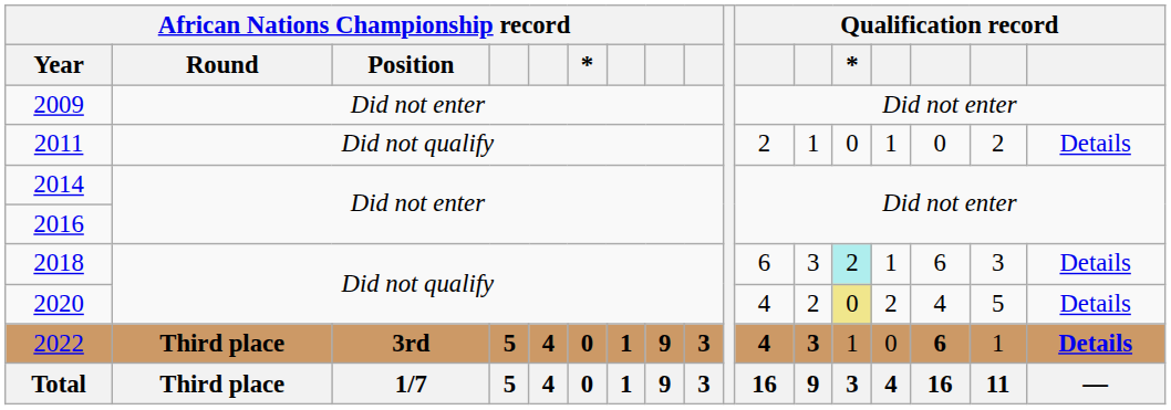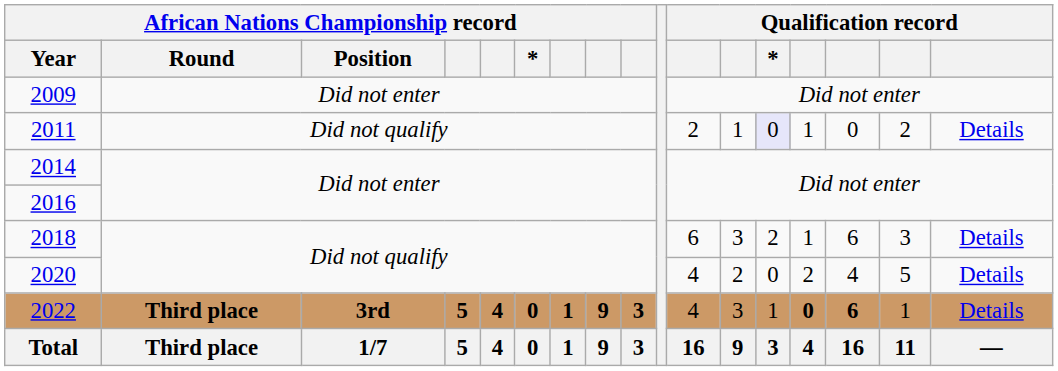 <table class="wikitable" style="text-align: center;">
 <tr>
 <th colspan=9><a href='#'>African Nations Championship</a> record</th>
 <th width=1% rowspan=10></th>
 <th colspan=7>Qualification record</th>
 </tr>
 <tr>
 <th>Year</th>
 <th>Round</th>
 <th>Position</th>
 <th></th>
 <th></th>
 <th>*</th>
 <th></th>
 <th></th>
 <th></th>
 <th></th>
 <th></th>
 <th>*</th>
 <th></th>
 <th></th>
 <th></th>
 <th></th>
 </tr>
 <tr>
 <td> <a href='#'>2009</a></td>
 <td colspan=8><em>Did not enter</em></td>
 <td colspan=8><em>Did not enter</em></td>
 </tr>
 <tr>
 <td> <a href='#'>2011</a></td>
 <td colspan="8"><em>Did not qualify</em></td>
 <td>2</td>
 <td>1</td>
-<td>0</td>
+<td style="background: lavender;">0</td>
 <td>1</td>
 <td>0</td>
 <td>2</td>
 <td><a href='#'>Details</a></td>
 </tr>
 <tr>
 <td> <a href='#'>2014</a></td>
 <td colspan="8" rowspan="2"><em>Did not enter</em></td>
 <td colspan="8" rowspan="2"><em>Did not enter</em></td>
 </tr>
 <tr>
 <td> <a href='#'>2016</a></td>
 </tr>
 <tr>
 <td> <a href='#'>2018</a></td>
 <td colspan="8" rowspan="2"><em>Did not qualify</em></td>
 <td>6</td>
 <td>3</td>
-<td style="background: paleturquoise;">2</td>
+<td>2</td>
 <td>1</td>
 <td>6</td>
 <td>3</td>
 <td><a href='#'>Details</a></td>
 </tr>
 <tr>
 <td> <a href='#'>2020</a></td>
 <td>4</td>
 <td>2</td>
-<td style="background: khaki;">0</td>
+<td>0</td>
 <td>2</td>
 <td>4</td>
 <td>5</td>
 <td><a href='#'>Details</a></td>
 </tr>
 <tr style="background:#cc9966;">
 <td> <a href='#'>2022</a></td>
 <td><strong>Third place</strong></td>
 <td><strong>3rd</strong></td>
 <td><strong>5</strong></td>
 <td><strong>4</strong></td>
 <td><strong>0</strong></td>
 <td><strong>1</strong></td>
 <td><strong>9</strong></td>
 <td><strong>3</strong></td>
-<td><strong>4</strong></td>
-<td><strong>3</strong></td>
+<td>4</td>
+<td>3</td>
 <td>1</td>
-<td>0</td>
+<td><strong>0</strong></td>
 <td><strong>6</strong></td>
 <td>1</td>
-<td><strong><a href='#'>Details</a></strong></td>
+<td><a href='#'>Details</a></td>
 </tr>
 <tr>
 <th>Total</th>
 <th>Third place</th>
 <th>1/7</th>
 <th>5</th>
 <th>4</th>
 <th>0</th>
 <th>1</th>
 <th>9</th>
 <th>3</th>
 <th>16</th>
 <th>9</th>
 <th>3</th>
 <th>4</th>
 <th>16</th>
 <th>11</th>
 <th>—</th>
 </tr>
 </table>
